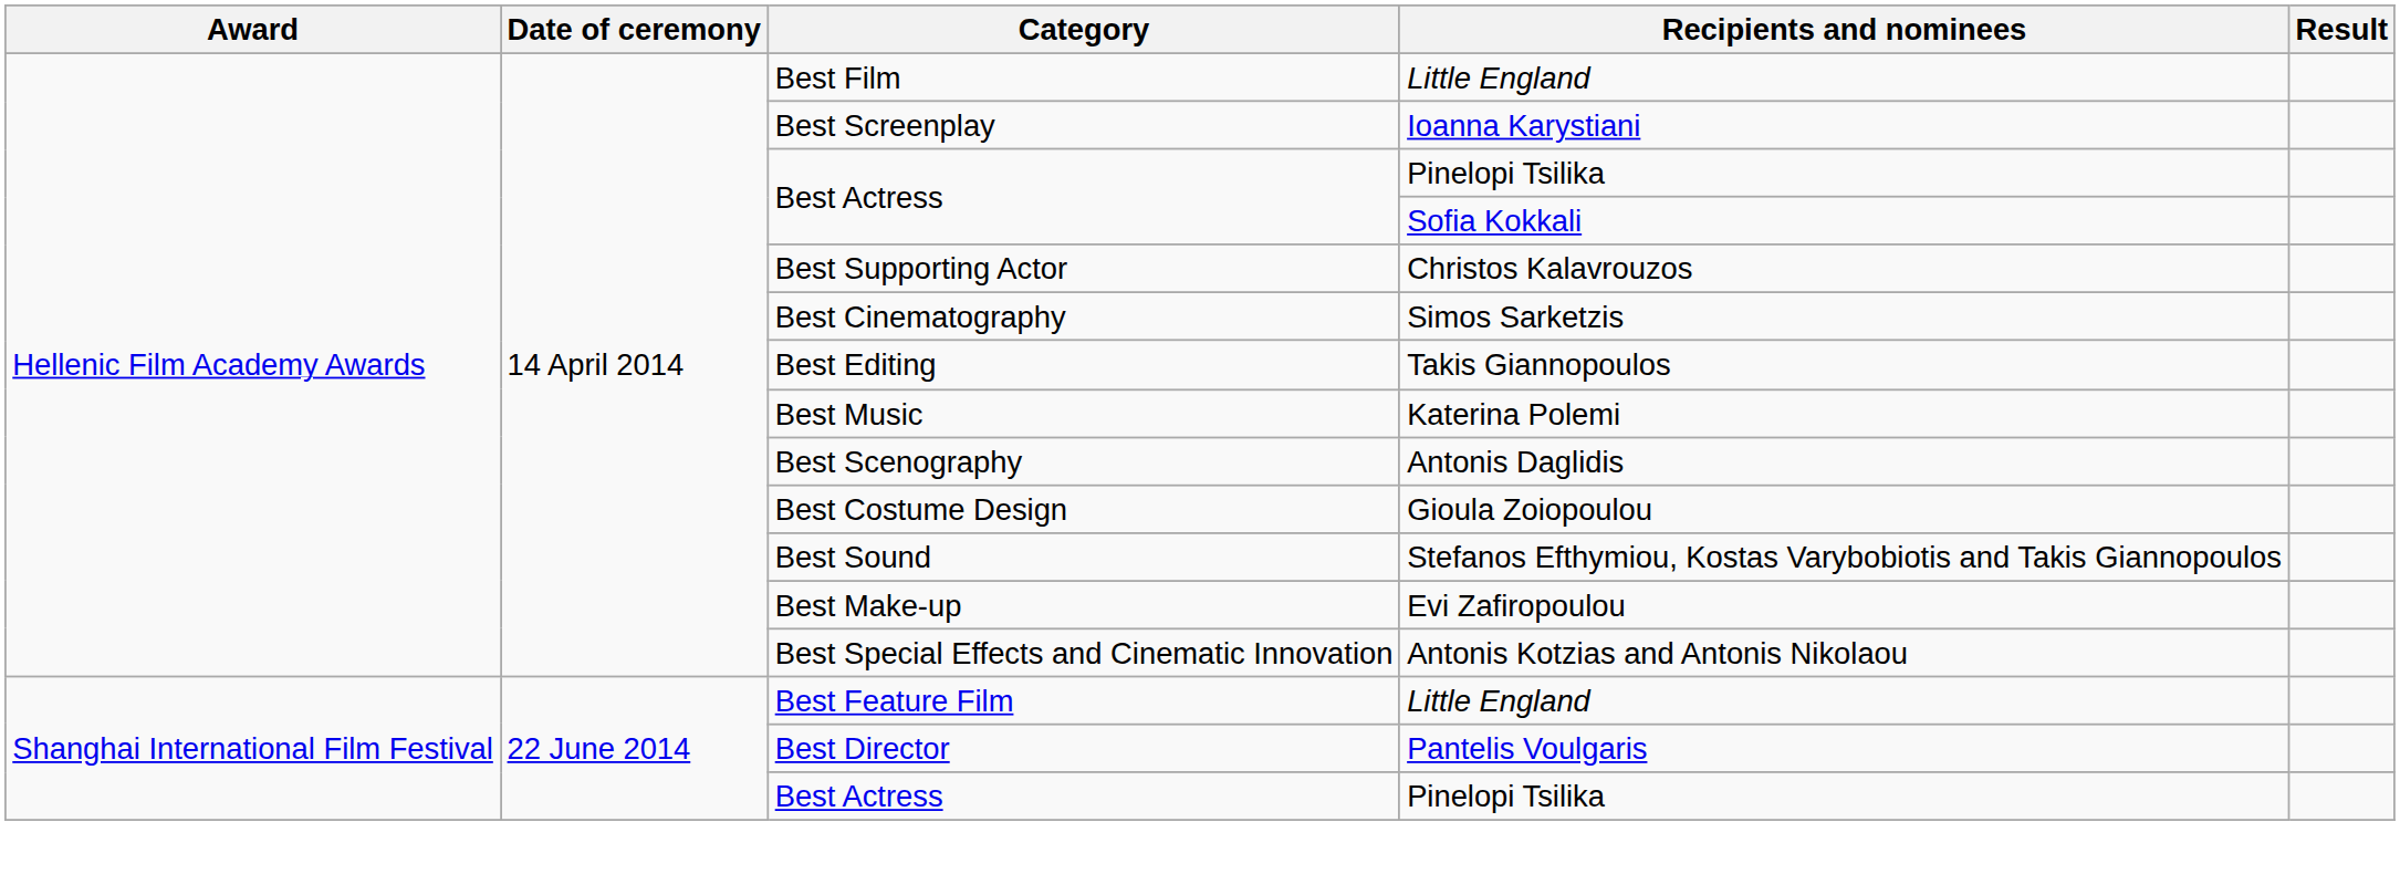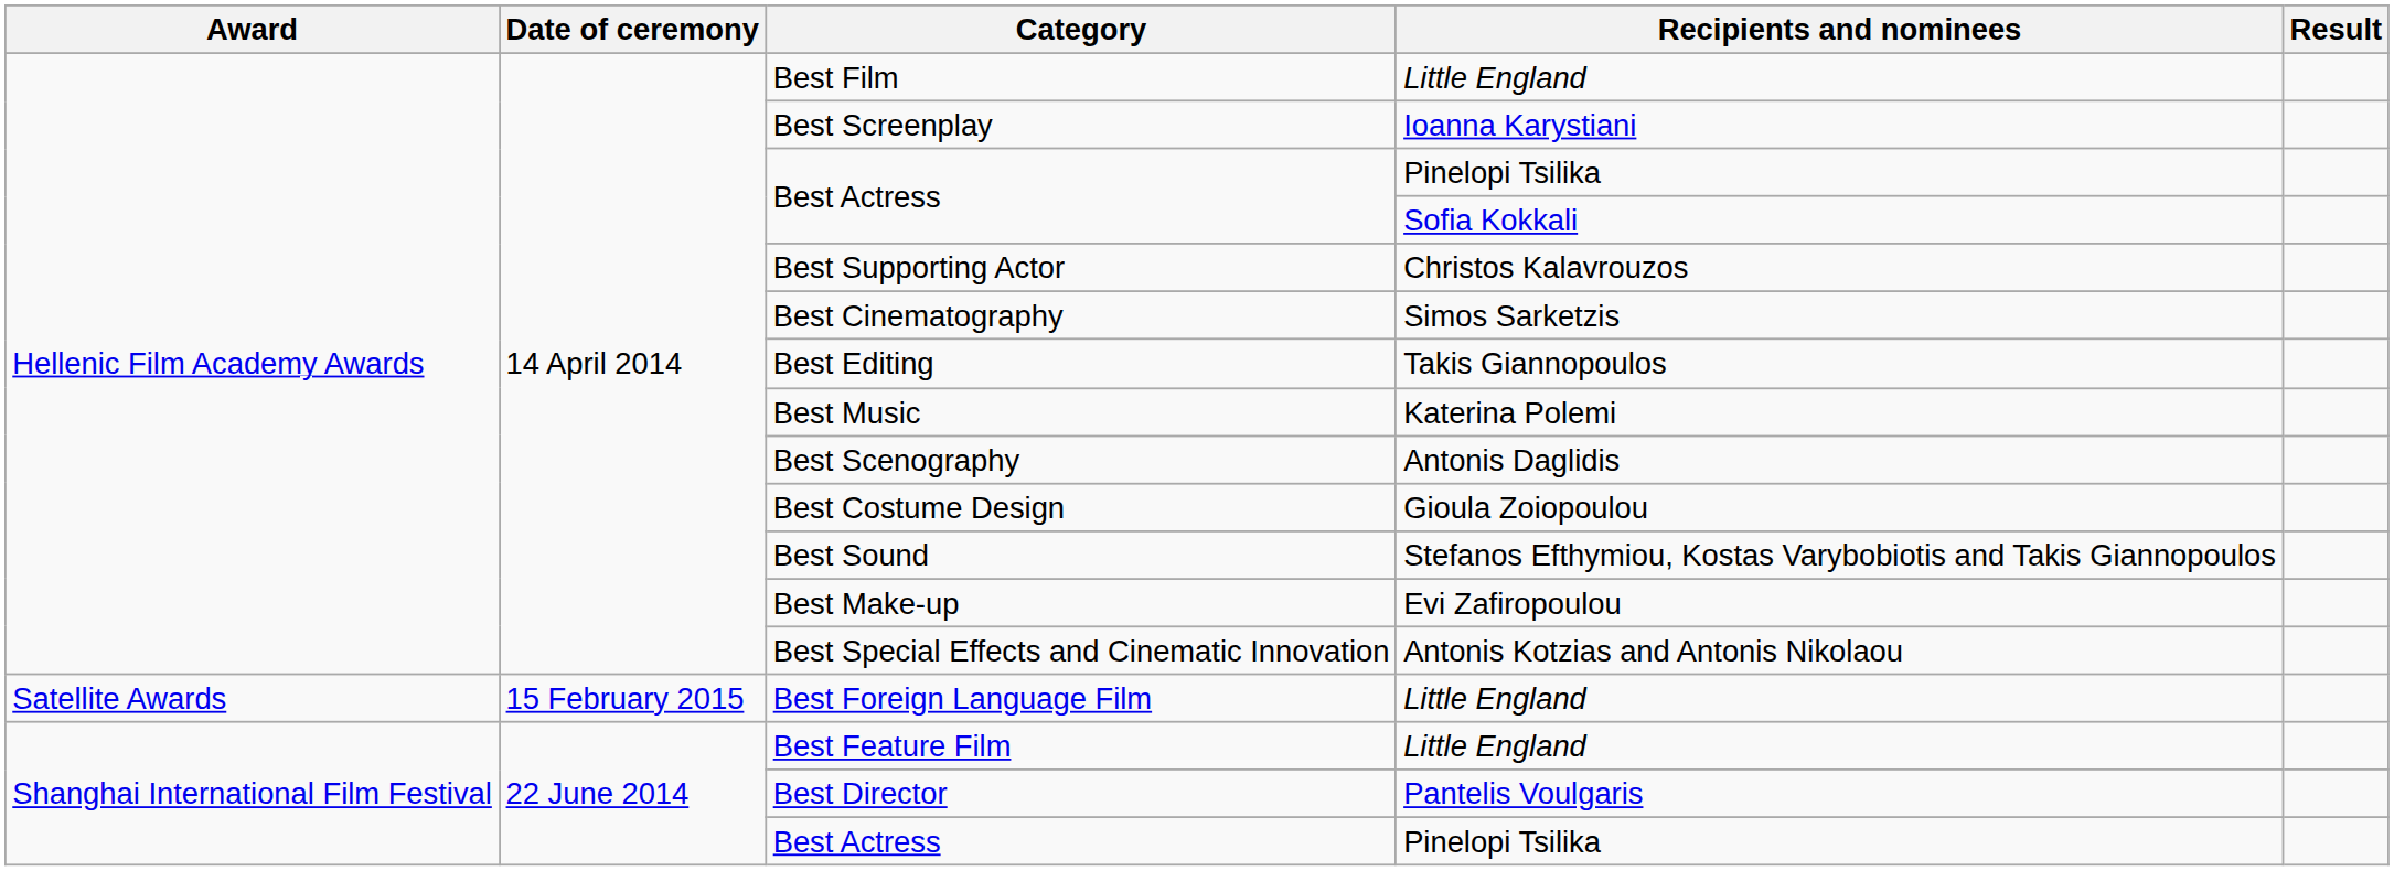 <table class="wikitable" style="font-size: 95%;">
 <tr>
 <th>Award</th>
 <th>Date of ceremony</th>
 <th>Category</th>
 <th>Recipients and nominees</th>
 <th>Result</th>
 </tr>
 <tr>
 <td rowspan="13"><a href='#'>Hellenic Film Academy Awards</a></td>
 <td rowspan="13">14 April 2014</td>
 <td>Best Film</td>
 <td><em>Little England</em></td>
 <td></td>
 </tr>
 <tr>
 <td>Best Screenplay</td>
 <td><a href='#'>Ioanna Karystiani</a></td>
 <td></td>
 </tr>
 <tr>
 <td rowspan="2">Best Actress</td>
 <td>Pinelopi Tsilika</td>
 <td></td>
 </tr>
 <tr>
 <td><a href='#'>Sofia Kokkali</a></td>
 <td></td>
 </tr>
 <tr>
 <td>Best Supporting Actor</td>
 <td>Christos Kalavrouzos</td>
 <td></td>
 </tr>
 <tr>
 <td>Best Cinematography</td>
 <td>Simos Sarketzis</td>
 <td></td>
 </tr>
 <tr>
 <td>Best Editing</td>
 <td>Takis Giannopoulos</td>
 <td></td>
 </tr>
 <tr>
 <td>Best Music</td>
 <td>Katerina Polemi</td>
 <td></td>
 </tr>
 <tr>
 <td>Best Scenography</td>
 <td>Antonis Daglidis</td>
 <td></td>
 </tr>
 <tr>
 <td>Best Costume Design</td>
 <td>Gioula Zoiopoulou</td>
 <td></td>
 </tr>
 <tr>
 <td>Best Sound</td>
 <td>Stefanos Efthymiou, Kostas Varybobiotis and Takis Giannopoulos</td>
 <td></td>
 </tr>
 <tr>
 <td>Best Make-up</td>
 <td>Evi Zafiropoulou</td>
 <td></td>
 </tr>
 <tr>
 <td>Best Special Effects and Cinematic Innovation</td>
 <td>Antonis Kotzias and Antonis Nikolaou</td>
 <td></td>
 </tr>
 <tr>
+<td><a href='#'>Satellite Awards</a></td>
+<td><a href='#'>15 February 2015</a></td>
+<td><a href='#'>Best Foreign Language Film</a></td>
+<td><em>Little England</em></td>
+<td></td>
+</tr>
+<tr>
 <td rowspan="3"><a href='#'>Shanghai International Film Festival</a></td>
 <td rowspan="3"><a href='#'>22 June 2014</a></td>
 <td><a href='#'>Best Feature Film</a></td>
 <td><em>Little England</em></td>
 <td></td>
 </tr>
 <tr>
 <td><a href='#'>Best Director</a></td>
 <td><a href='#'>Pantelis Voulgaris</a></td>
 <td></td>
 </tr>
 <tr>
 <td><a href='#'>Best Actress</a></td>
 <td>Pinelopi Tsilika</td>
 <td></td>
 </tr>
 </table>
